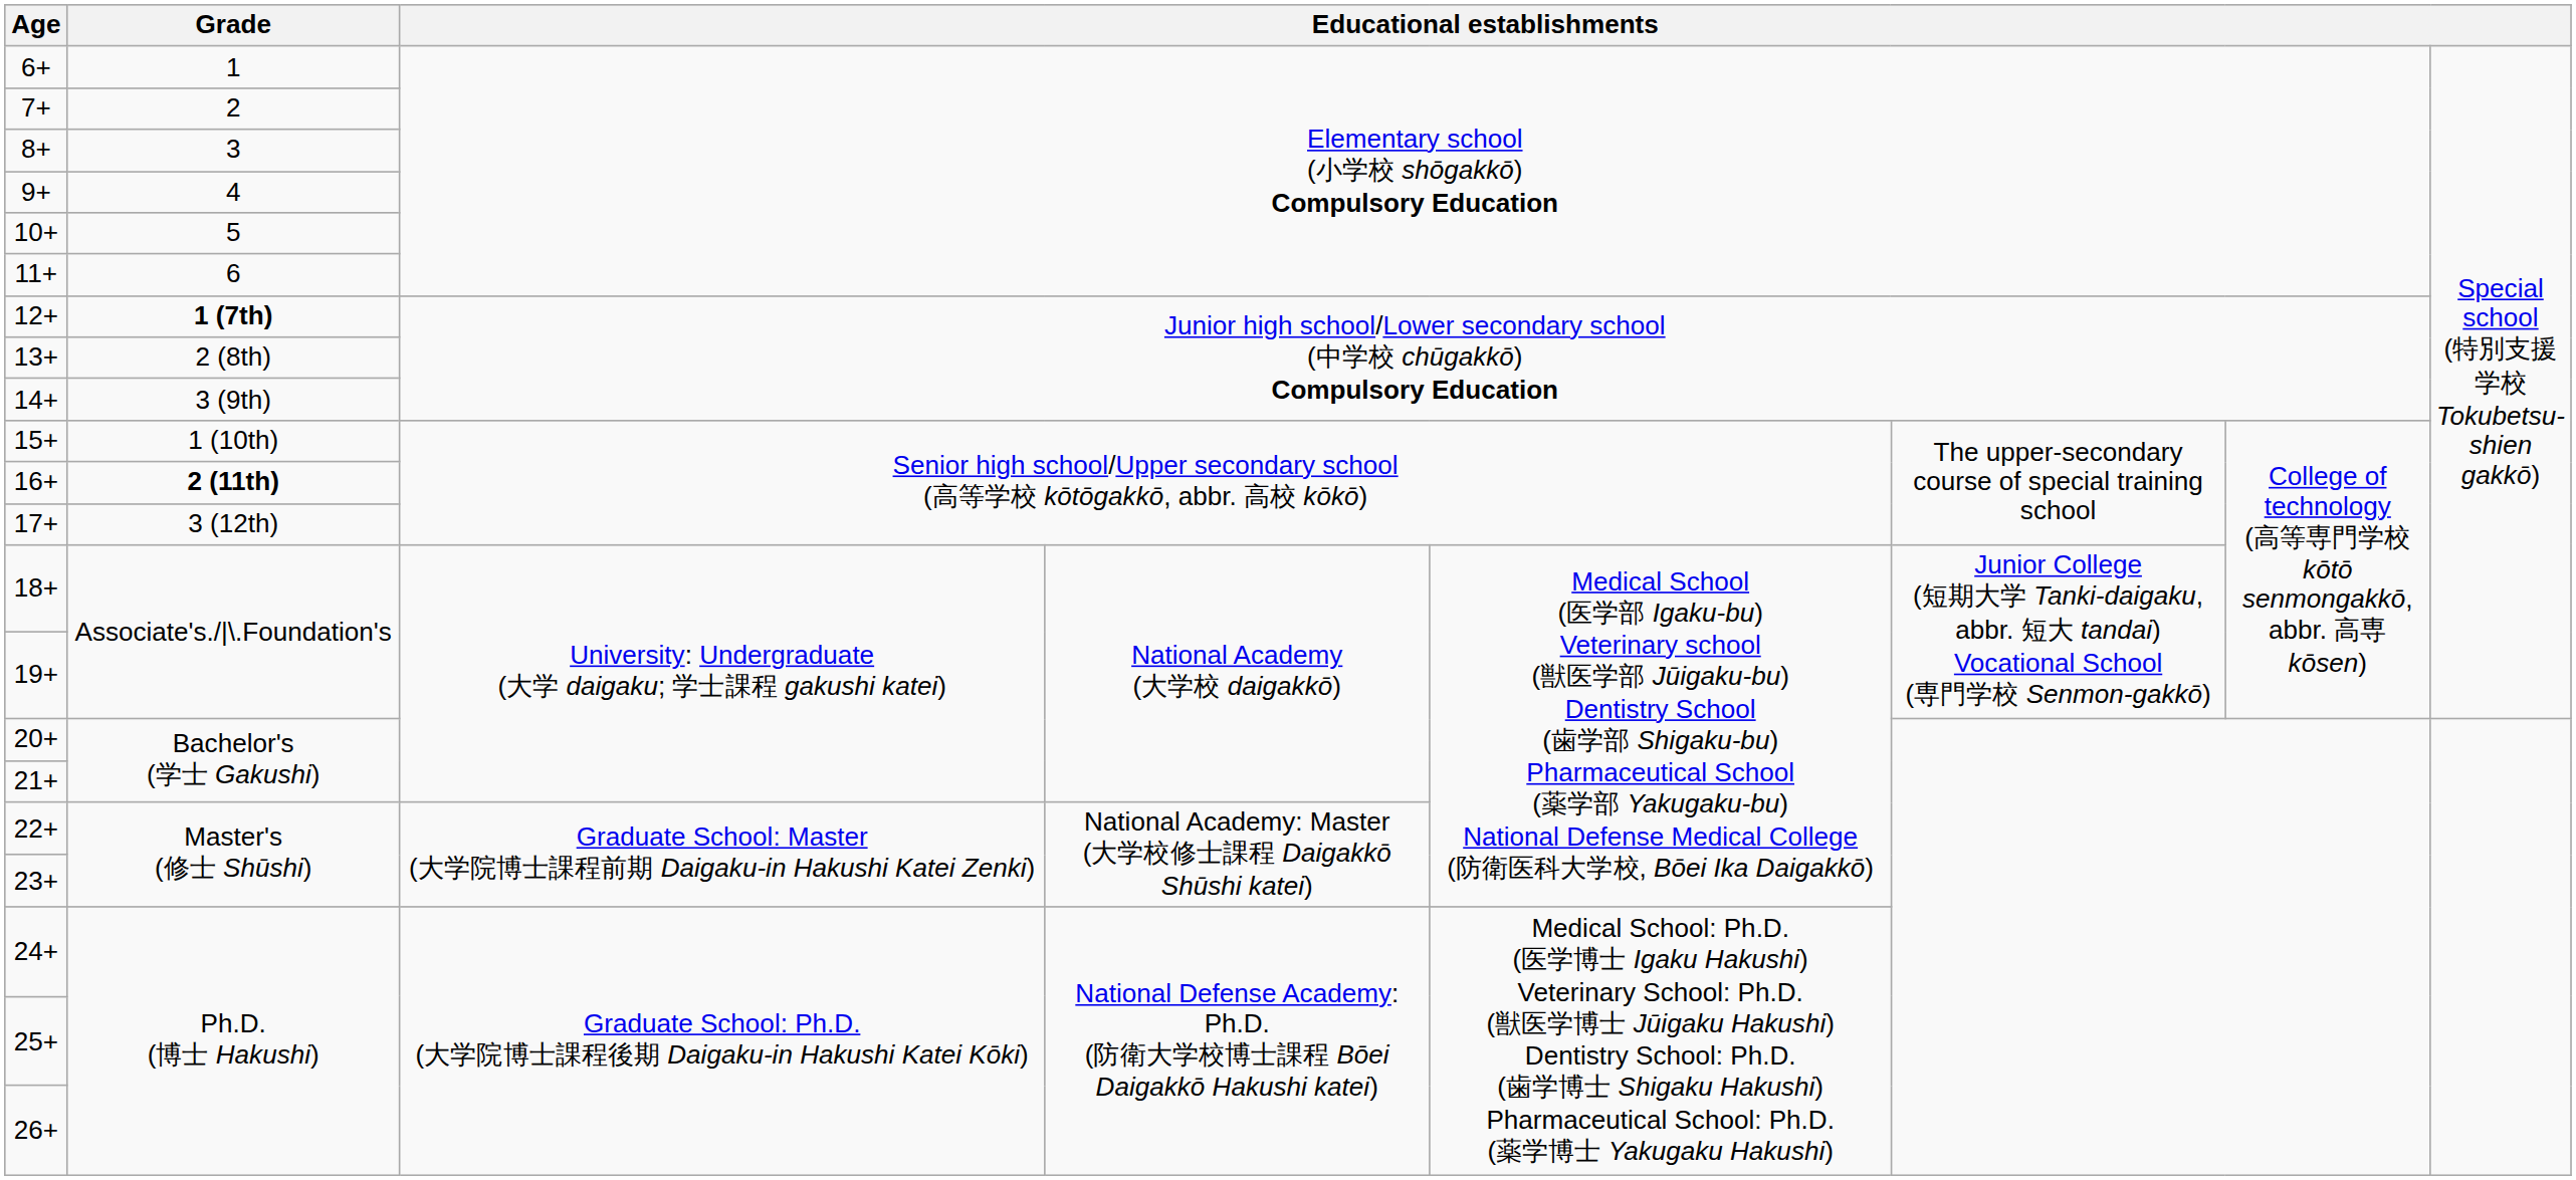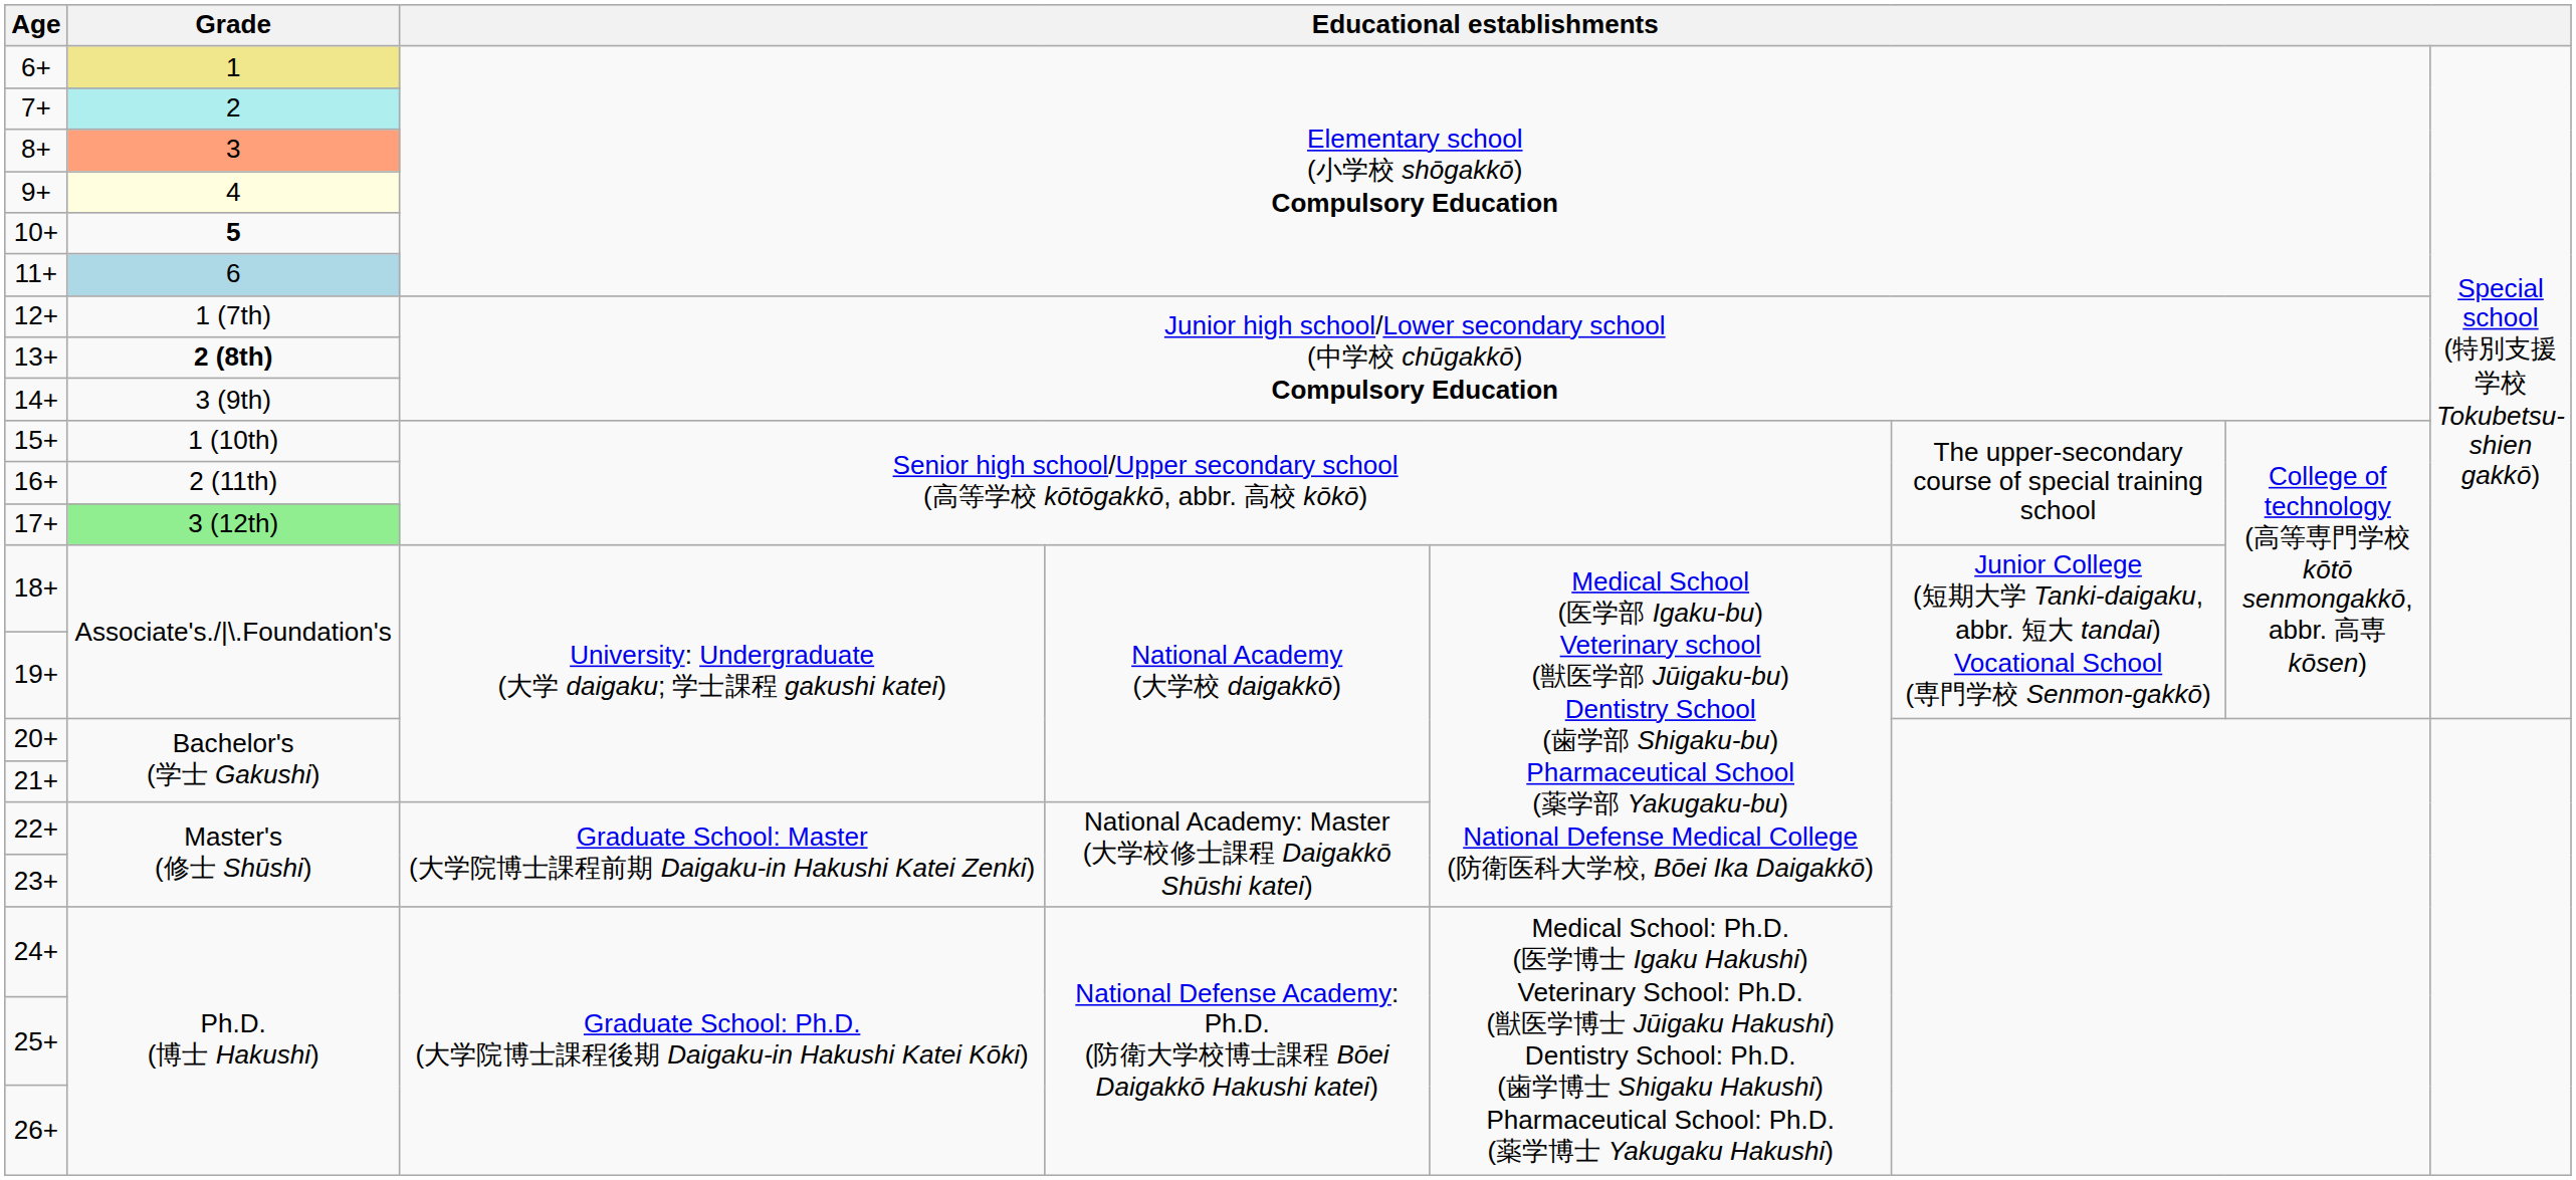 <table class="wikitable mw-collapsible mw-collapsed" style="text-align:center">
 <tr>
 <th>Age</th>
 <th>Grade</th>
 <th colspan=6>Educational establishments</th>
 </tr>
 <tr>
 <td>6+</td>
-<td>1</td>
+<td style="background: khaki;">1</td>
 <td rowspan=6 colspan=5><a href='#'>Elementary school</a><br>(小学校 <em>shōgakkō</em>)<br><strong>Compulsory Education</strong></td>
 <td rowspan="14" style="width:5%;"><a href='#'>Special school</a><br>(特別支援学校 <em>Tokubetsu-shien gakkō</em>)</td>
 </tr>
 <tr>
 <td>7+</td>
-<td>2</td>
+<td style="background: paleturquoise;">2</td>
 </tr>
 <tr>
 <td>8+</td>
-<td>3</td>
+<td style="background: lightsalmon;">3</td>
 </tr>
 <tr>
 <td>9+</td>
-<td>4</td>
+<td style="background: lightyellow;">4</td>
 </tr>
 <tr>
 <td>10+</td>
-<td>5</td>
+<td><strong>5</strong></td>
 </tr>
 <tr>
 <td>11+</td>
-<td>6</td>
+<td style="background: lightblue;">6</td>
 </tr>
 <tr>
 <td>12+</td>
-<td><strong>1 (7th)</strong></td>
+<td>1 (7th)</td>
 <td rowspan=3 colspan=5><a href='#'>Junior high school</a>/<a href='#'>Lower secondary school</a><br>(中学校 <em>chūgakkō</em>)<br><strong>Compulsory Education</strong></td>
 </tr>
 <tr>
 <td>13+</td>
-<td>2 (8th)</td>
+<td><strong>2 (8th)</strong></td>
 </tr>
 <tr>
 <td>14+</td>
 <td>3 (9th)</td>
 </tr>
 <tr>
 <td>15+</td>
 <td>1 (10th)</td>
 <td rowspan=3 colspan=3><a href='#'>Senior high school</a>/<a href='#'>Upper secondary school</a><br>(高等学校 <em>kōtōgakkō</em>, abbr. 高校 <em>kōkō</em>)</td>
 <td rowspan=3>The upper-secondary course of special training school</td>
 <td rowspan="5" style="width:8%;"><a href='#'>College of technology</a><br>(高等専門学校 <em>kōtō senmongakkō</em>, abbr. 高専 <em>kōsen</em>)</td>
 </tr>
 <tr>
 <td>16+</td>
-<td><strong>2 (11th)</strong></td>
+<td>2 (11th)</td>
 </tr>
 <tr>
 <td>17+</td>
-<td>3 (12th)</td>
+<td style="background: lightgreen;">3 (12th)</td>
 </tr>
 <tr>
 <td>18+</td>
 <td rowspan="2">Associate's./|\.Foundation's</td>
 <td rowspan="4"><a href='#'>University</a>: <a href='#'>Undergraduate</a><br>(大学 <em>daigaku</em>; 学士課程 <em>gakushi katei</em>)</td>
 <td rowspan="4" style="width:15%;"><a href='#'>National Academy</a><br>(大学校 <em>daigakkō</em>)</td>
 <td rowspan="6" style="width:18%;"><a href='#'>Medical School</a><br>(医学部 <em>Igaku-bu</em>)<br><a href='#'>Veterinary school</a><br>(獣医学部 <em>Jūigaku-bu</em>)<br><a href='#'>Dentistry School</a><br>(歯学部 <em>Shigaku-bu</em>)<br><a href='#'>Pharmaceutical School</a><br>(薬学部 <em>Yakugaku-bu</em>)<br><a href='#'>National Defense Medical College</a><br>(防衛医科大学校, <em>Bōei Ika Daigakkō</em>)</td>
 <td rowspan="2" style="width:13%;"><a href='#'>Junior College</a><br>(短期大学 <em>Tanki-daigaku</em>, abbr. 短大 <em>tandai</em>)<br><a href='#'>Vocational School</a><br>(専門学校 <em>Senmon-gakkō</em>)</td>
 </tr>
 <tr>
 <td>19+</td>
 </tr>
 <tr>
 <td>20+</td>
 <td rowspan="2">Bachelor's<br>(学士 <em>Gakushi</em>)</td>
 <td colspan="2" rowspan="7"></td>
 </tr>
 <tr>
 <td>21+</td>
 </tr>
 <tr>
 <td>22+</td>
 <td rowspan="2">Master's<br>(修士 <em>Shūshi</em>)</td>
 <td rowspan="2"><a href='#'>Graduate School: Master</a><br>(大学院博士課程前期 <em>Daigaku-in Hakushi Katei Zenki</em>)</td>
 <td rowspan="2">National Academy: Master<br>(大学校修士課程 <em>Daigakkō Shūshi katei</em>)</td>
 </tr>
 <tr>
 <td>23+</td>
 </tr>
 <tr>
 <td>24+</td>
 <td rowspan="3">Ph.D.<br>(博士 <em>Hakushi</em>)</td>
 <td rowspan="3"><a href='#'>Graduate School: Ph.D.</a><br>(大学院博士課程後期 <em>Daigaku-in Hakushi Katei Kōki</em>)</td>
 <td rowspan="3"><a href='#'>National Defense Academy</a>: Ph.D.<br>(防衛大学校博士課程 <em>Bōei Daigakkō Hakushi katei</em>)</td>
 <td rowspan="3">Medical School: Ph.D.<br>(医学博士 <em>Igaku Hakushi</em>)<br>Veterinary School: Ph.D.<br>(獣医学博士 <em>Jūigaku Hakushi</em>)<br>Dentistry School: Ph.D.<br>(歯学博士 <em>Shigaku Hakushi</em>)<br>Pharmaceutical School: Ph.D.<br>(薬学博士 <em>Yakugaku Hakushi</em>)</td>
 </tr>
 <tr>
 <td>25+</td>
 </tr>
 <tr>
 <td>26+</td>
 </tr>
 </table>
